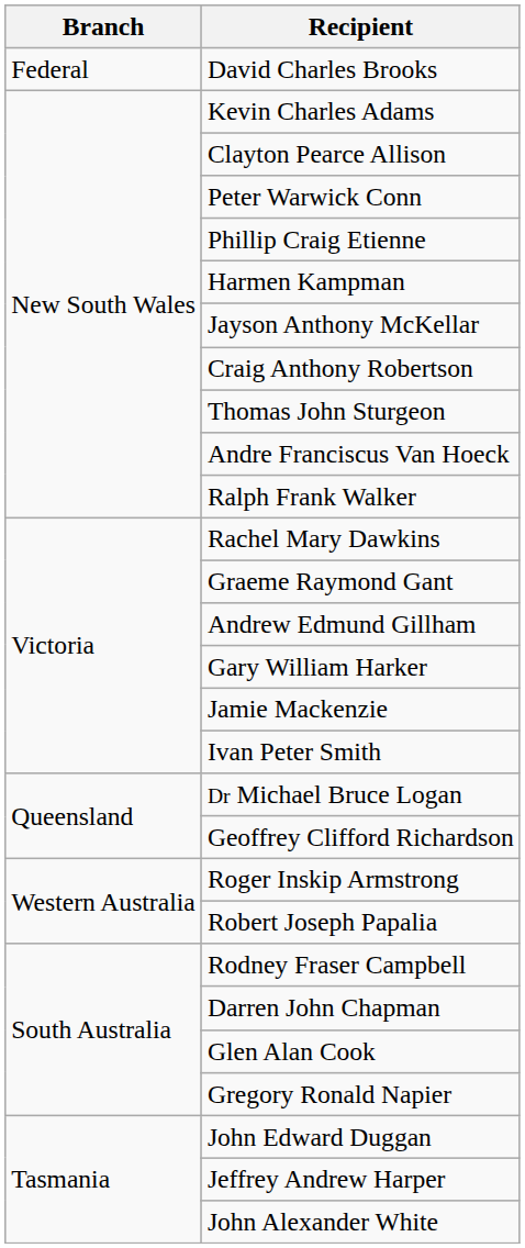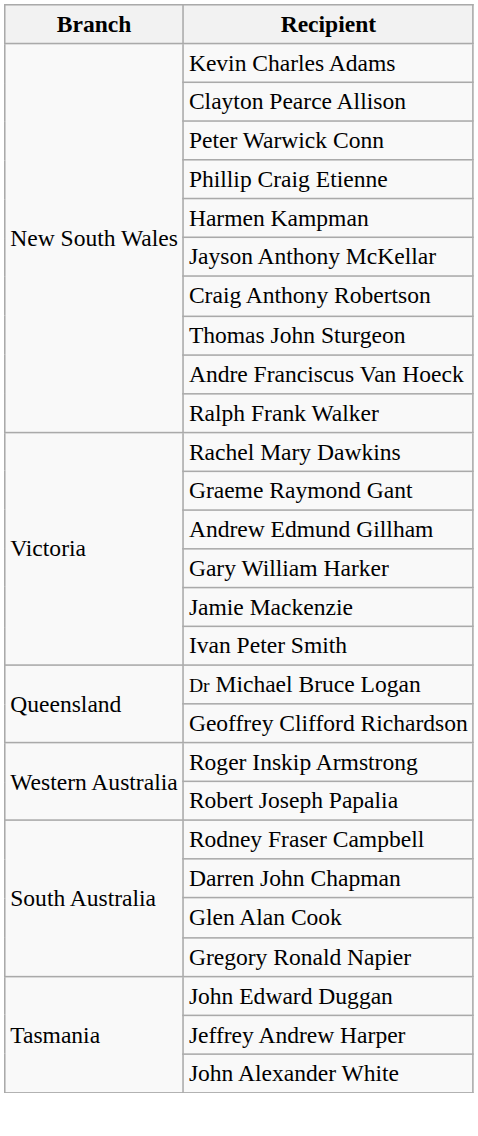 <table class="wikitable" style="font-size:95%;">
 <tr>
 <th>Branch</th>
 <th>Recipient</th>
-</tr>
-<tr>
-<td>Federal</td>
-<td>David Charles Brooks</td>
 </tr>
 <tr>
 <td rowspan="10">New South Wales</td>
 <td>Kevin Charles Adams</td>
 </tr>
 <tr>
 <td>Clayton Pearce Allison</td>
 </tr>
 <tr>
 <td>Peter Warwick Conn</td>
 </tr>
 <tr>
 <td>Phillip Craig Etienne</td>
 </tr>
 <tr>
 <td>Harmen Kampman</td>
 </tr>
 <tr>
 <td>Jayson Anthony McKellar</td>
 </tr>
 <tr>
 <td>Craig Anthony Robertson</td>
 </tr>
 <tr>
 <td>Thomas John Sturgeon</td>
 </tr>
 <tr>
 <td>Andre Franciscus Van Hoeck</td>
 </tr>
 <tr>
 <td>Ralph Frank Walker</td>
 </tr>
 <tr>
 <td rowspan="6">Victoria</td>
 <td>Rachel Mary Dawkins</td>
 </tr>
 <tr>
 <td>Graeme Raymond Gant</td>
 </tr>
 <tr>
 <td>Andrew Edmund Gillham</td>
 </tr>
 <tr>
 <td>Gary William Harker</td>
 </tr>
 <tr>
 <td>Jamie Mackenzie</td>
 </tr>
 <tr>
 <td>Ivan Peter Smith</td>
 </tr>
 <tr>
 <td rowspan="2">Queensland</td>
 <td><small>Dr</small> Michael Bruce Logan</td>
 </tr>
 <tr>
 <td>Geoffrey Clifford Richardson</td>
 </tr>
 <tr>
 <td rowspan="2">Western Australia</td>
 <td>Roger Inskip Armstrong</td>
 </tr>
 <tr>
 <td>Robert Joseph Papalia</td>
 </tr>
 <tr>
 <td rowspan="4">South Australia</td>
 <td>Rodney Fraser Campbell</td>
 </tr>
 <tr>
 <td>Darren John Chapman</td>
 </tr>
 <tr>
 <td>Glen Alan Cook</td>
 </tr>
 <tr>
 <td>Gregory Ronald Napier</td>
 </tr>
 <tr>
 <td rowspan="3">Tasmania</td>
 <td>John Edward Duggan</td>
 </tr>
 <tr>
 <td>Jeffrey Andrew Harper</td>
 </tr>
 <tr>
 <td>John Alexander White</td>
 </tr>
 </table>
